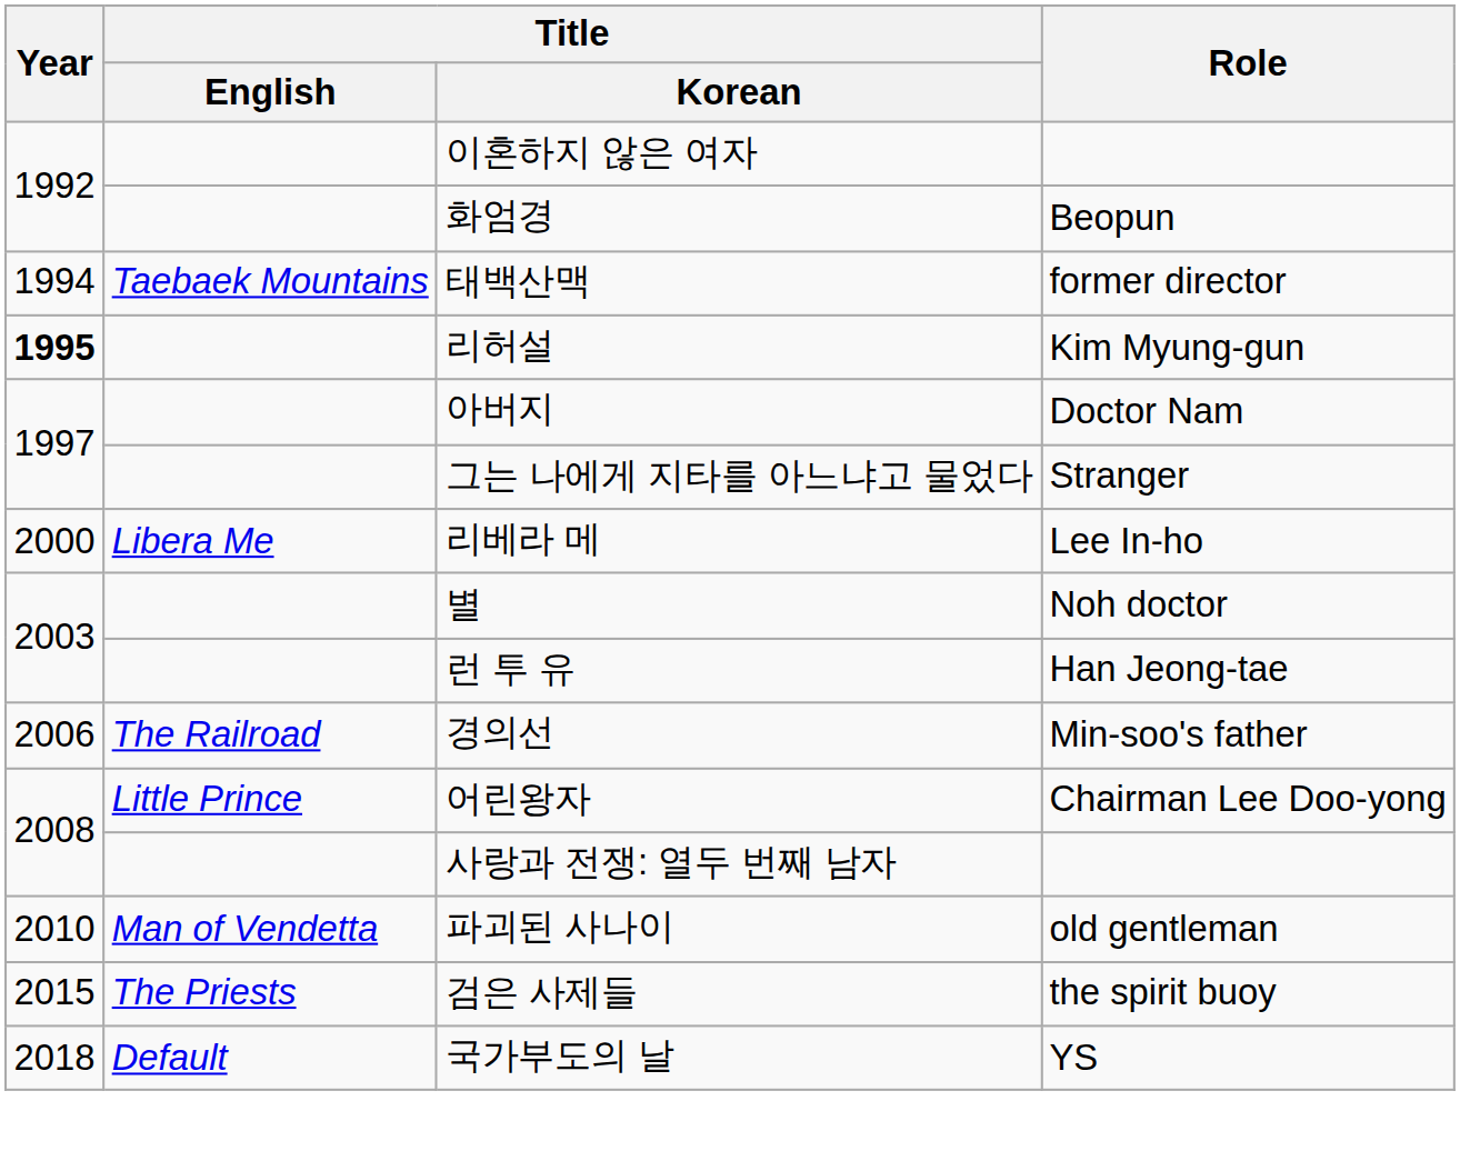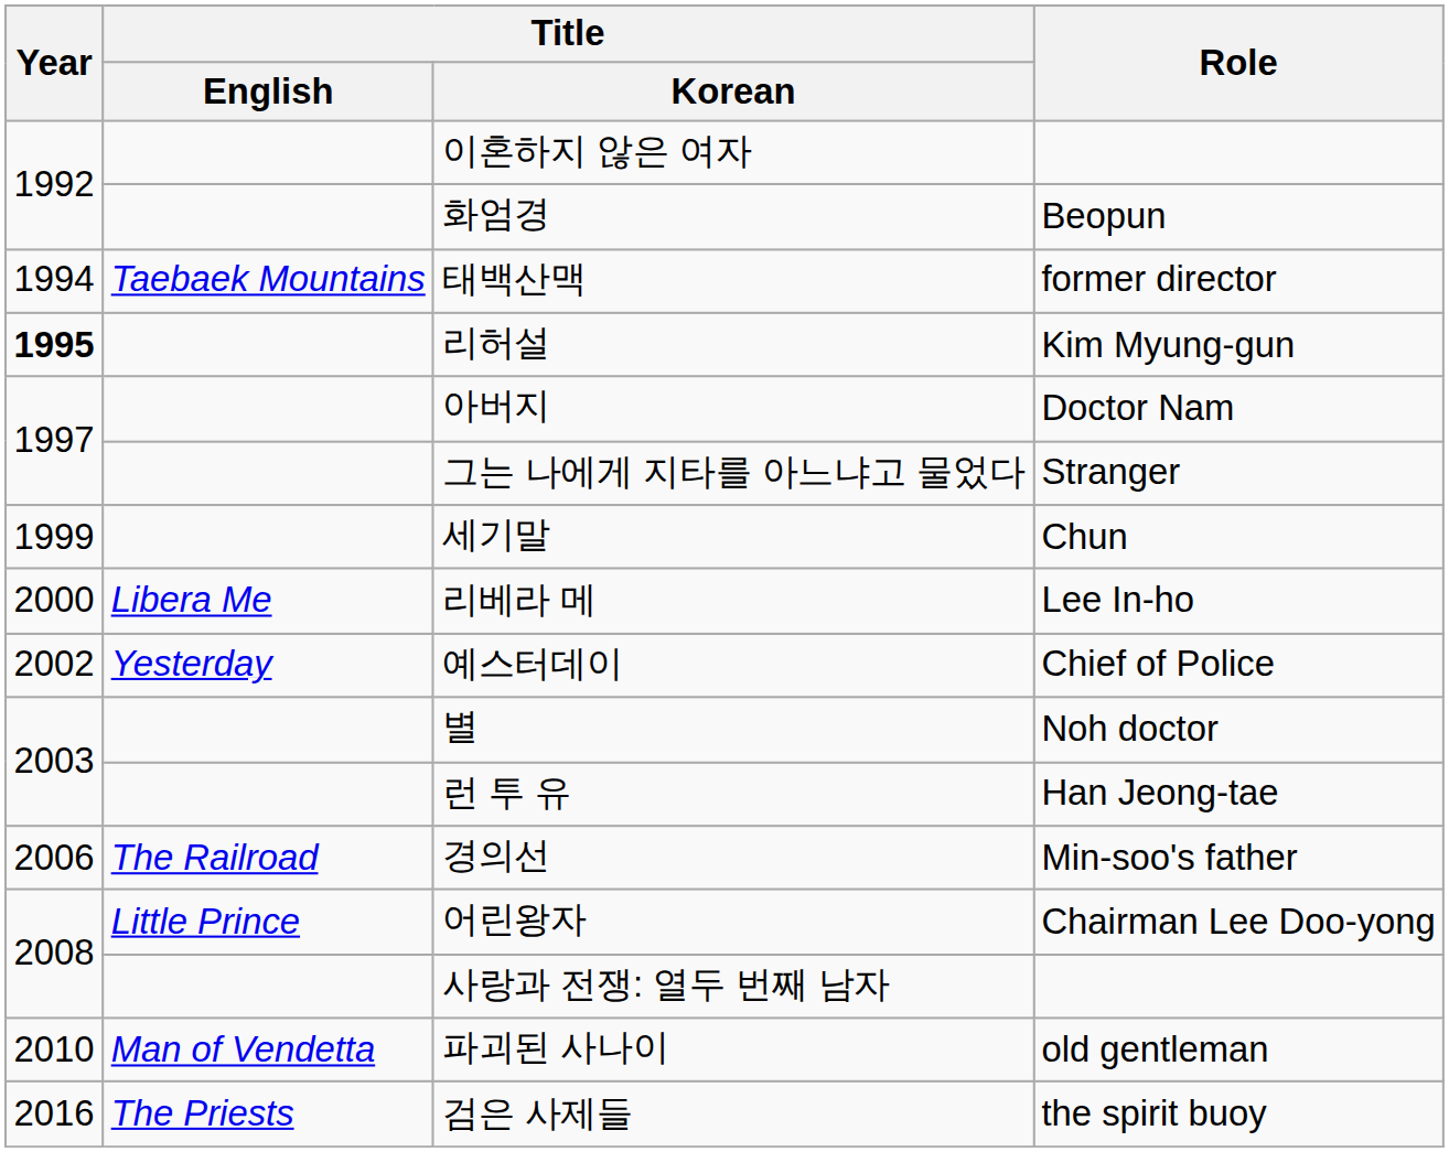 <table Class="wikitable sortable" style="clear:none; font-size:100%;">
 <tr>
 <th scope="col" rowspan=2>Year</th>
 <th scope="col" colspan=2>Title</th>
 <th scope="col" rowspan=2>Role</th>
 </tr>
 <tr>
 <th>English</th>
 <th>Korean</th>
 </tr>
 <tr>
 <td rowspan="2">1992</td>
 <td><em></em></td>
 <td>이혼하지 않은 여자</td>
 <td></td>
 </tr>
 <tr>
 <td><em></em></td>
 <td>화엄경</td>
 <td>Beopun</td>
 </tr>
 <tr>
 <td>1994</td>
 <td><em><a href='#'>Taebaek Mountains</a></em></td>
 <td>태백산맥</td>
 <td>former director</td>
 </tr>
 <tr>
 <td><strong>1995</strong></td>
 <td><em></em></td>
 <td>리허설</td>
 <td>Kim Myung-gun</td>
 </tr>
 <tr>
 <td rowspan="2">1997</td>
 <td><em></em></td>
 <td>아버지</td>
 <td>Doctor Nam</td>
 </tr>
 <tr>
 <td><em></em></td>
 <td>그는 나에게 지타를 아느냐고 물었다</td>
 <td>Stranger</td>
 </tr>
 <tr>
+<td>1999</td>
+<td><em></em></td>
+<td>세기말</td>
+<td>Chun</td>
+</tr>
+<tr>
 <td>2000</td>
 <td><em><a href='#'>Libera Me</a></em></td>
 <td>리베라 메</td>
 <td>Lee In-ho</td>
+</tr>
+<tr>
+<td>2002</td>
+<td><em><a href='#'>Yesterday</a></em></td>
+<td>예스터데이</td>
+<td>Chief of Police</td>
 </tr>
 <tr>
 <td rowspan="2">2003</td>
 <td><em></em></td>
 <td>별</td>
 <td>Noh doctor</td>
 </tr>
 <tr>
 <td><em></em></td>
 <td>런 투 유</td>
 <td>Han Jeong-tae</td>
 </tr>
 <tr>
 <td>2006</td>
 <td><em><a href='#'>The Railroad</a></em></td>
 <td>경의선</td>
 <td>Min-soo's father</td>
 </tr>
 <tr>
 <td rowspan="2">2008</td>
 <td><em><a href='#'>Little Prince</a></em></td>
 <td>어린왕자</td>
 <td>Chairman Lee Doo-yong</td>
 </tr>
 <tr>
 <td><em></em></td>
 <td>사랑과 전쟁: 열두 번째 남자</td>
 <td></td>
 </tr>
 <tr>
 <td>2010</td>
 <td><em><a href='#'>Man of Vendetta</a></em></td>
 <td>파괴된 사나이</td>
 <td>old gentleman</td>
 </tr>
 <tr>
-<td>2015</td>
+<td>2016</td>
 <td><em><a href='#'>The Priests</a></em></td>
 <td>검은 사제들</td>
 <td>the spirit buoy</td>
 </tr>
-<tr>
-<td>2018</td>
-<td><em><a href='#'>Default</a></em></td>
-<td>국가부도의 날</td>
-<td>YS</td>
-</tr>
 </table>
